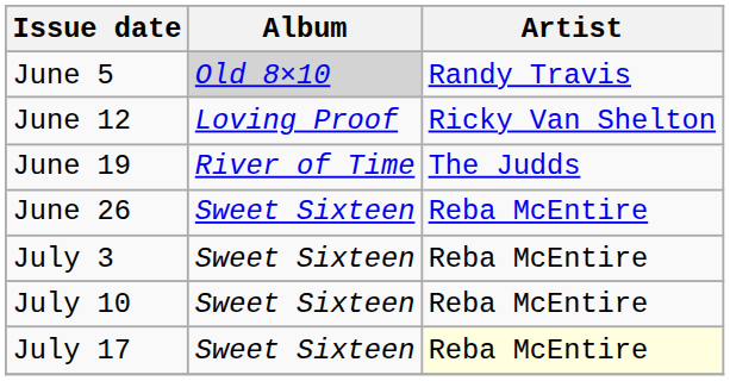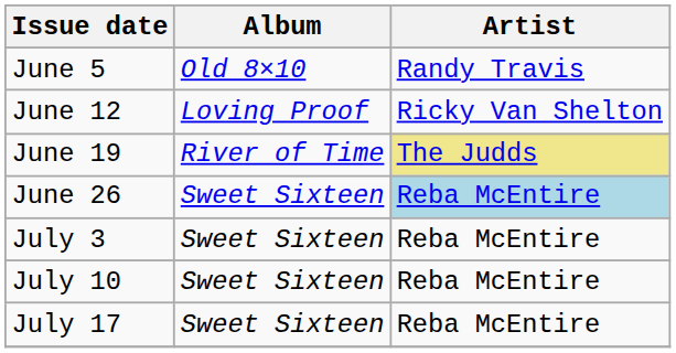 <table class="wikitable">
 <tr>
 <th>Issue date</th>
 <th>Album</th>
 <th>Artist</th>
 </tr>
 <tr>
 <td>June 5</td>
-<td style="background: lightgrey;"><em><a href='#'>Old 8×10</a></em></td>
+<td><em><a href='#'>Old 8×10</a></em></td>
 <td><a href='#'>Randy Travis</a></td>
 </tr>
 <tr>
 <td>June 12</td>
 <td><em><a href='#'>Loving Proof</a></em></td>
 <td><a href='#'>Ricky Van Shelton</a></td>
 </tr>
 <tr>
 <td>June 19</td>
 <td><em><a href='#'>River of Time</a></em></td>
-<td><a href='#'>The Judds</a></td>
+<td style="background: khaki;"><a href='#'>The Judds</a></td>
 </tr>
 <tr>
 <td>June 26</td>
 <td><em><a href='#'>Sweet Sixteen</a></em></td>
-<td><a href='#'>Reba McEntire</a></td>
+<td style="background: lightblue;"><a href='#'>Reba McEntire</a></td>
 </tr>
 <tr>
 <td>July 3</td>
 <td><em>Sweet Sixteen</em></td>
 <td>Reba McEntire</td>
 </tr>
 <tr>
 <td>July 10</td>
 <td><em>Sweet Sixteen</em></td>
 <td>Reba McEntire</td>
 </tr>
 <tr>
 <td>July 17</td>
 <td><em>Sweet Sixteen</em></td>
-<td style="background: lightyellow;">Reba McEntire</td>
+<td>Reba McEntire</td>
 </tr>
 <tr>
 </tr>
 </table>
